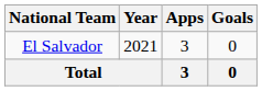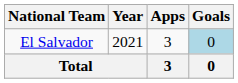 <table class="wikitable" style="text-align:center">
 <tr>
 <th>National Team</th>
 <th>Year</th>
 <th>Apps</th>
 <th>Goals</th>
 </tr>
 <tr>
 <td><a href='#'>El Salvador</a></td>
 <td>2021</td>
 <td>3</td>
-<td>0</td>
+<td style="background: lightblue;">0</td>
 </tr>
 <tr>
 <th colspan="2">Total</th>
 <th>3</th>
 <th>0</th>
 </tr>
 </table>
